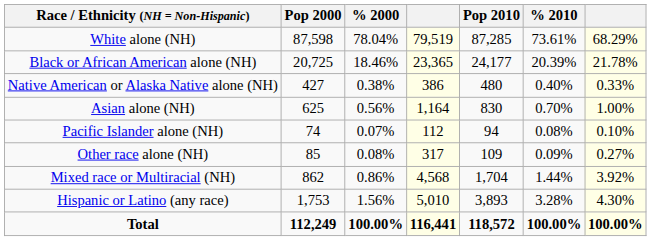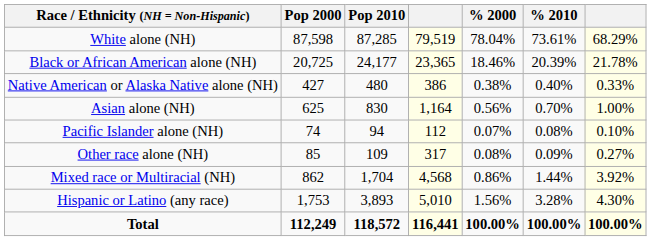 <table class="wikitable" style="text-align:center;">
 <tr>
 <th>Race / Ethnicity <small>(<em>NH = Non-Hispanic</em>)</small></th>
 <th>Pop 2000</th>
+<th>Pop 2010</th>
+<th></th>
 <th>% 2000</th>
-<th></th>
-<th>Pop 2010</th>
 <th>% 2010</th>
 <th></th>
 </tr>
 <tr>
 <td><a href='#'>White</a> alone (NH)</td>
 <td>87,598</td>
+<td>87,285</td>
+<td style='background: #ffffe6;'>79,519</td>
 <td>78.04%</td>
-<td style='background: #ffffe6;'>79,519</td>
-<td>87,285</td>
 <td>73.61%</td>
 <td style='background: #ffffe6;'>68.29%</td>
 </tr>
 <tr>
 <td><a href='#'>Black or African American</a> alone (NH)</td>
 <td>20,725</td>
+<td>24,177</td>
+<td style='background: #ffffe6;'>23,365</td>
 <td>18.46%</td>
-<td style='background: #ffffe6;'>23,365</td>
-<td>24,177</td>
 <td>20.39%</td>
 <td style='background: #ffffe6;'>21.78%</td>
 </tr>
 <tr>
 <td><a href='#'>Native American</a> or <a href='#'>Alaska Native</a> alone (NH)</td>
 <td>427</td>
+<td>480</td>
+<td style='background: #ffffe6;'>386</td>
 <td>0.38%</td>
-<td style='background: #ffffe6;'>386</td>
-<td>480</td>
 <td>0.40%</td>
 <td style='background: #ffffe6;'>0.33%</td>
 </tr>
 <tr>
 <td><a href='#'>Asian</a> alone (NH)</td>
 <td>625</td>
+<td>830</td>
+<td style='background: #ffffe6;'>1,164</td>
 <td>0.56%</td>
-<td style='background: #ffffe6;'>1,164</td>
-<td>830</td>
 <td>0.70%</td>
 <td style='background: #ffffe6;'>1.00%</td>
 </tr>
 <tr>
 <td><a href='#'>Pacific Islander</a> alone (NH)</td>
 <td>74</td>
+<td>94</td>
+<td style='background: #ffffe6;'>112</td>
 <td>0.07%</td>
-<td style='background: #ffffe6;'>112</td>
-<td>94</td>
 <td>0.08%</td>
 <td style='background: #ffffe6;'>0.10%</td>
 </tr>
 <tr>
 <td><a href='#'>Other race</a> alone (NH)</td>
 <td>85</td>
+<td>109</td>
+<td style='background: #ffffe6;'>317</td>
 <td>0.08%</td>
-<td style='background: #ffffe6;'>317</td>
-<td>109</td>
 <td>0.09%</td>
 <td style='background: #ffffe6;'>0.27%</td>
 </tr>
 <tr>
 <td><a href='#'>Mixed race or Multiracial</a> (NH)</td>
 <td>862</td>
+<td>1,704</td>
+<td style='background: #ffffe6;'>4,568</td>
 <td>0.86%</td>
-<td style='background: #ffffe6;'>4,568</td>
-<td>1,704</td>
 <td>1.44%</td>
 <td style='background: #ffffe6;'>3.92%</td>
 </tr>
 <tr>
 <td><a href='#'>Hispanic or Latino</a> (any race)</td>
 <td>1,753</td>
+<td>3,893</td>
+<td style='background: #ffffe6;'>5,010</td>
 <td>1.56%</td>
-<td style='background: #ffffe6;'>5,010</td>
-<td>3,893</td>
 <td>3.28%</td>
 <td style='background: #ffffe6;'>4.30%</td>
 </tr>
 <tr>
 <td><strong>Total</strong></td>
 <td><strong>112,249</strong></td>
+<td><strong>118,572</strong></td>
+<td style='background: #ffffe6;'><strong>116,441</strong></td>
 <td><strong>100.00%</strong></td>
-<td style='background: #ffffe6;'><strong>116,441</strong></td>
-<td><strong>118,572</strong></td>
 <td><strong>100.00%</strong></td>
 <td style='background: #ffffe6;'><strong>100.00%</strong></td>
 </tr>
 </table>
